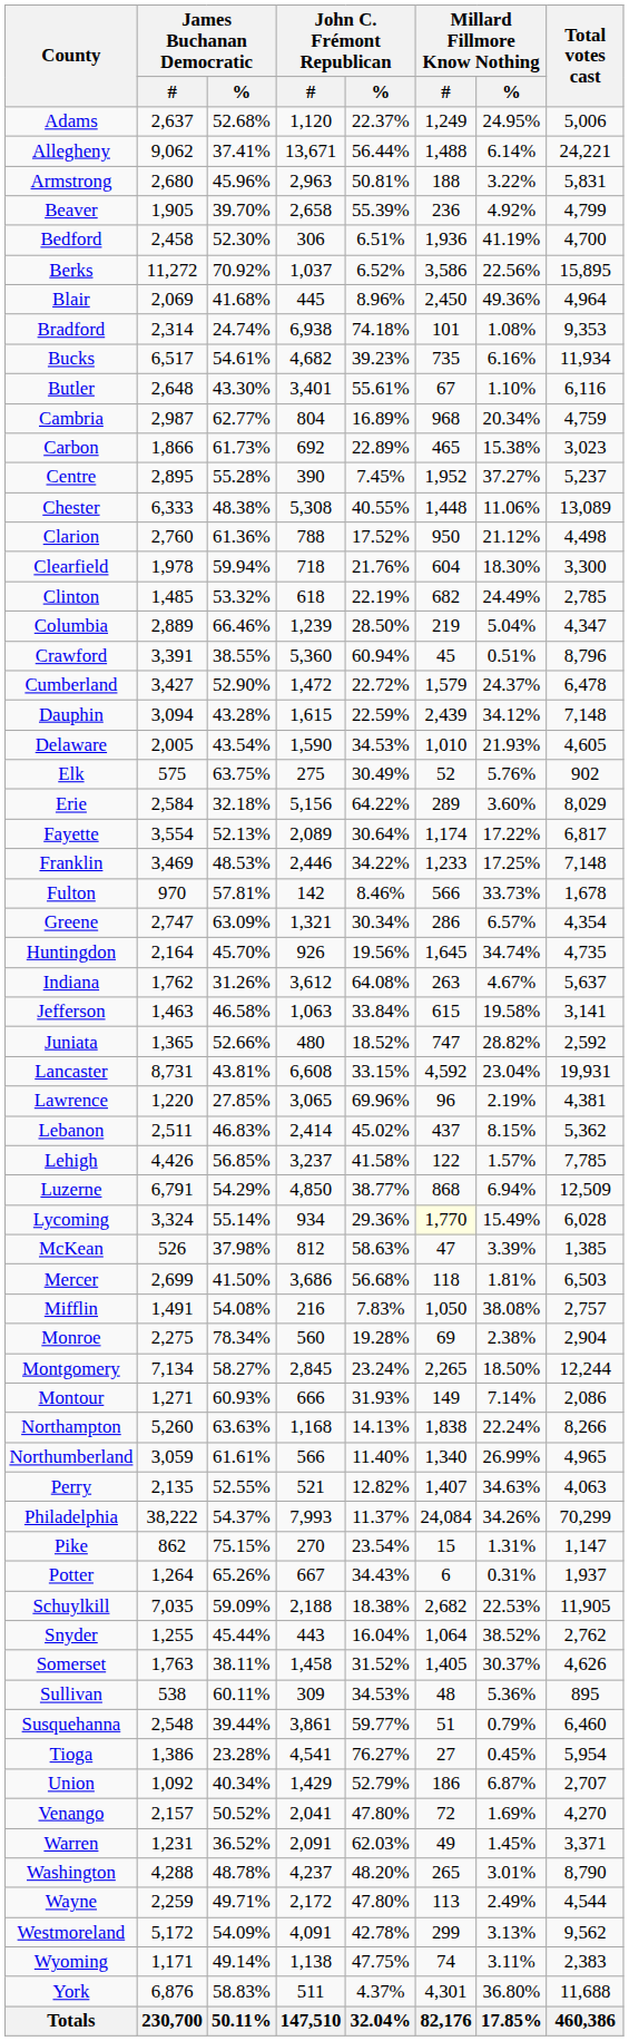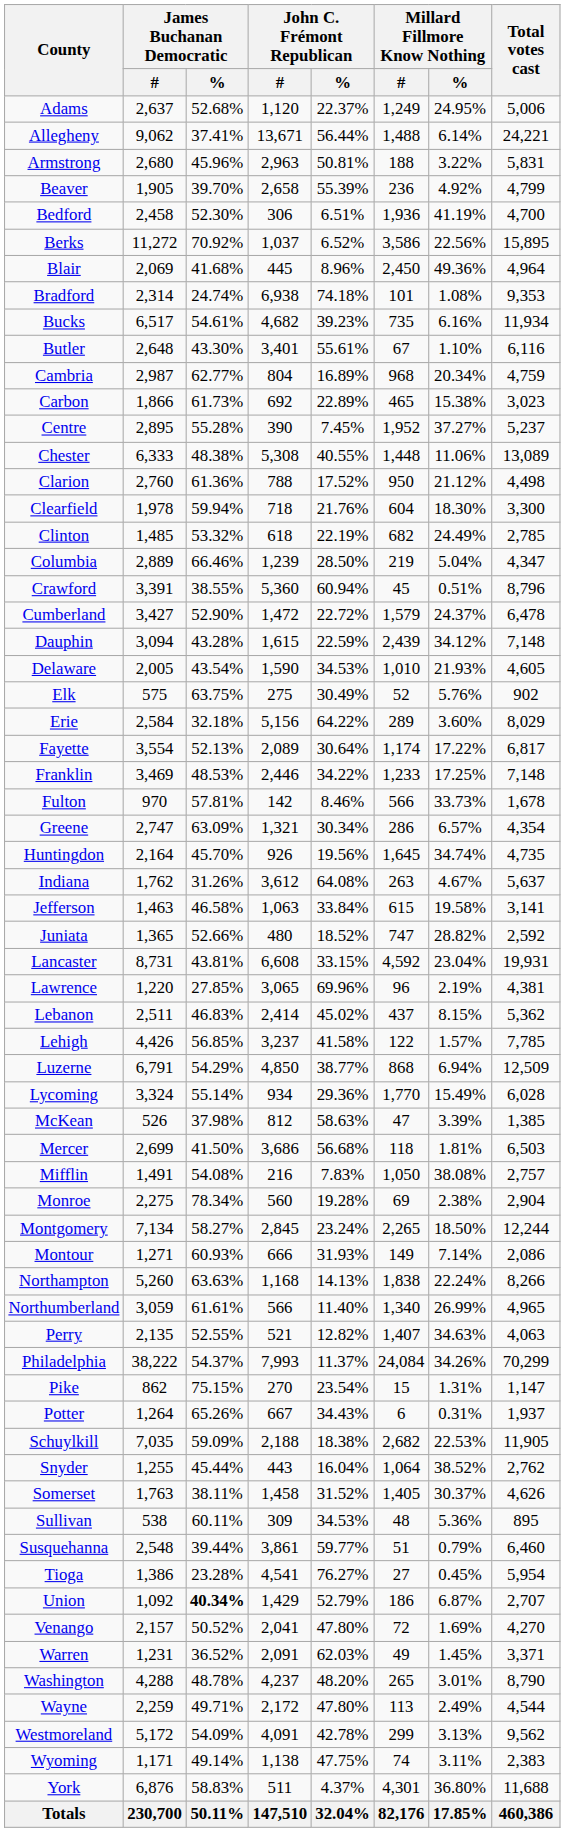 <table class="wikitable sortable" width="60%" style="text-align:center">
 <tr>
 <th rowspan="2">County</th>
 <th colspan="2" style="text-align:center;">James Buchanan<br>Democratic</th>
 <th colspan="2" style="text-align:center;">John C. Frémont<br>Republican</th>
 <th colspan="2" style="text-align:center;">Millard Fillmore<br>Know Nothing</th>
 <th rowspan="2" style="text-align:center;">Total votes cast</th>
 </tr>
 <tr>
 <th data-sort-type="number" style="text-align:center;">#</th>
 <th data-sort-type="number" style="text-align:center;">%</th>
 <th data-sort-type="number" style="text-align:center;">#</th>
 <th data-sort-type="number" style="text-align:center;">%</th>
 <th data-sort-type="number" style="text-align:center;">#</th>
 <th data-sort-type="number" style="text-align:center;">%</th>
 </tr>
 <tr style="text-align:center;">
 <td><a href='#'>Adams</a></td>
 <td>2,637</td>
 <td>52.68%</td>
 <td>1,120</td>
 <td>22.37%</td>
 <td>1,249</td>
 <td>24.95%</td>
 <td>5,006</td>
 </tr>
 <tr style="text-align:center;">
 <td><a href='#'>Allegheny</a></td>
 <td>9,062</td>
 <td>37.41%</td>
 <td>13,671</td>
 <td>56.44%</td>
 <td>1,488</td>
 <td>6.14%</td>
 <td>24,221</td>
 </tr>
 <tr style="text-align:center;">
 <td><a href='#'>Armstrong</a></td>
 <td>2,680</td>
 <td>45.96%</td>
 <td>2,963</td>
 <td>50.81%</td>
 <td>188</td>
 <td>3.22%</td>
 <td>5,831</td>
 </tr>
 <tr style="text-align:center;">
 <td><a href='#'>Beaver</a></td>
 <td>1,905</td>
 <td>39.70%</td>
 <td>2,658</td>
 <td>55.39%</td>
 <td>236</td>
 <td>4.92%</td>
 <td>4,799</td>
 </tr>
 <tr style="text-align:center;">
 <td><a href='#'>Bedford</a></td>
 <td>2,458</td>
 <td>52.30%</td>
 <td>306</td>
 <td>6.51%</td>
 <td>1,936</td>
 <td>41.19%</td>
 <td>4,700</td>
 </tr>
 <tr style="text-align:center;">
 <td><a href='#'>Berks</a></td>
 <td>11,272</td>
 <td>70.92%</td>
 <td>1,037</td>
 <td>6.52%</td>
 <td>3,586</td>
 <td>22.56%</td>
 <td>15,895</td>
 </tr>
 <tr style="text-align:center;">
 <td><a href='#'>Blair</a></td>
 <td>2,069</td>
 <td>41.68%</td>
 <td>445</td>
 <td>8.96%</td>
 <td>2,450</td>
 <td>49.36%</td>
 <td>4,964</td>
 </tr>
 <tr style="text-align:center;">
 <td><a href='#'>Bradford</a></td>
 <td>2,314</td>
 <td>24.74%</td>
 <td>6,938</td>
 <td>74.18%</td>
 <td>101</td>
 <td>1.08%</td>
 <td>9,353</td>
 </tr>
 <tr style="text-align:center;">
 <td><a href='#'>Bucks</a></td>
 <td>6,517</td>
 <td>54.61%</td>
 <td>4,682</td>
 <td>39.23%</td>
 <td>735</td>
 <td>6.16%</td>
 <td>11,934</td>
 </tr>
 <tr style="text-align:center;">
 <td><a href='#'>Butler</a></td>
 <td>2,648</td>
 <td>43.30%</td>
 <td>3,401</td>
 <td>55.61%</td>
 <td>67</td>
 <td>1.10%</td>
 <td>6,116</td>
 </tr>
 <tr style="text-align:center;">
 <td><a href='#'>Cambria</a></td>
 <td>2,987</td>
 <td>62.77%</td>
 <td>804</td>
 <td>16.89%</td>
 <td>968</td>
 <td>20.34%</td>
 <td>4,759</td>
 </tr>
 <tr style="text-align:center;">
 <td><a href='#'>Carbon</a></td>
 <td>1,866</td>
 <td>61.73%</td>
 <td>692</td>
 <td>22.89%</td>
 <td>465</td>
 <td>15.38%</td>
 <td>3,023</td>
 </tr>
 <tr style="text-align:center;">
 <td><a href='#'>Centre</a></td>
 <td>2,895</td>
 <td>55.28%</td>
 <td>390</td>
 <td>7.45%</td>
 <td>1,952</td>
 <td>37.27%</td>
 <td>5,237</td>
 </tr>
 <tr style="text-align:center;">
 <td><a href='#'>Chester</a></td>
 <td>6,333</td>
 <td>48.38%</td>
 <td>5,308</td>
 <td>40.55%</td>
 <td>1,448</td>
 <td>11.06%</td>
 <td>13,089</td>
 </tr>
 <tr style="text-align:center;">
 <td><a href='#'>Clarion</a></td>
 <td>2,760</td>
 <td>61.36%</td>
 <td>788</td>
 <td>17.52%</td>
 <td>950</td>
 <td>21.12%</td>
 <td>4,498</td>
 </tr>
 <tr style="text-align:center;">
 <td><a href='#'>Clearfield</a></td>
 <td>1,978</td>
 <td>59.94%</td>
 <td>718</td>
 <td>21.76%</td>
 <td>604</td>
 <td>18.30%</td>
 <td>3,300</td>
 </tr>
 <tr style="text-align:center;">
 <td><a href='#'>Clinton</a></td>
 <td>1,485</td>
 <td>53.32%</td>
 <td>618</td>
 <td>22.19%</td>
 <td>682</td>
 <td>24.49%</td>
 <td>2,785</td>
 </tr>
 <tr style="text-align:center;">
 <td><a href='#'>Columbia</a></td>
 <td>2,889</td>
 <td>66.46%</td>
 <td>1,239</td>
 <td>28.50%</td>
 <td>219</td>
 <td>5.04%</td>
 <td>4,347</td>
 </tr>
 <tr style="text-align:center;">
 <td><a href='#'>Crawford</a></td>
 <td>3,391</td>
 <td>38.55%</td>
 <td>5,360</td>
 <td>60.94%</td>
 <td>45</td>
 <td>0.51%</td>
 <td>8,796</td>
 </tr>
 <tr style="text-align:center;">
 <td><a href='#'>Cumberland</a></td>
 <td>3,427</td>
 <td>52.90%</td>
 <td>1,472</td>
 <td>22.72%</td>
 <td>1,579</td>
 <td>24.37%</td>
 <td>6,478</td>
 </tr>
 <tr style="text-align:center;">
 <td><a href='#'>Dauphin</a></td>
 <td>3,094</td>
 <td>43.28%</td>
 <td>1,615</td>
 <td>22.59%</td>
 <td>2,439</td>
 <td>34.12%</td>
 <td>7,148</td>
 </tr>
 <tr style="text-align:center;">
 <td><a href='#'>Delaware</a></td>
 <td>2,005</td>
 <td>43.54%</td>
 <td>1,590</td>
 <td>34.53%</td>
 <td>1,010</td>
 <td>21.93%</td>
 <td>4,605</td>
 </tr>
 <tr style="text-align:center;">
 <td><a href='#'>Elk</a></td>
 <td>575</td>
 <td>63.75%</td>
 <td>275</td>
 <td>30.49%</td>
 <td>52</td>
 <td>5.76%</td>
 <td>902</td>
 </tr>
 <tr style="text-align:center;">
 <td><a href='#'>Erie</a></td>
 <td>2,584</td>
 <td>32.18%</td>
 <td>5,156</td>
 <td>64.22%</td>
 <td>289</td>
 <td>3.60%</td>
 <td>8,029</td>
 </tr>
 <tr style="text-align:center;">
 <td><a href='#'>Fayette</a></td>
 <td>3,554</td>
 <td>52.13%</td>
 <td>2,089</td>
 <td>30.64%</td>
 <td>1,174</td>
 <td>17.22%</td>
 <td>6,817</td>
 </tr>
 <tr style="text-align:center;">
 <td><a href='#'>Franklin</a></td>
 <td>3,469</td>
 <td>48.53%</td>
 <td>2,446</td>
 <td>34.22%</td>
 <td>1,233</td>
 <td>17.25%</td>
 <td>7,148</td>
 </tr>
 <tr style="text-align:center;">
 <td><a href='#'>Fulton</a></td>
 <td>970</td>
 <td>57.81%</td>
 <td>142</td>
 <td>8.46%</td>
 <td>566</td>
 <td>33.73%</td>
 <td>1,678</td>
 </tr>
 <tr style="text-align:center;">
 <td><a href='#'>Greene</a></td>
 <td>2,747</td>
 <td>63.09%</td>
 <td>1,321</td>
 <td>30.34%</td>
 <td>286</td>
 <td>6.57%</td>
 <td>4,354</td>
 </tr>
 <tr style="text-align:center;">
 <td><a href='#'>Huntingdon</a></td>
 <td>2,164</td>
 <td>45.70%</td>
 <td>926</td>
 <td>19.56%</td>
 <td>1,645</td>
 <td>34.74%</td>
 <td>4,735</td>
 </tr>
 <tr style="text-align:center;">
 <td><a href='#'>Indiana</a></td>
 <td>1,762</td>
 <td>31.26%</td>
 <td>3,612</td>
 <td>64.08%</td>
 <td>263</td>
 <td>4.67%</td>
 <td>5,637</td>
 </tr>
 <tr style="text-align:center;">
 <td><a href='#'>Jefferson</a></td>
 <td>1,463</td>
 <td>46.58%</td>
 <td>1,063</td>
 <td>33.84%</td>
 <td>615</td>
 <td>19.58%</td>
 <td>3,141</td>
 </tr>
 <tr style="text-align:center;">
 <td><a href='#'>Juniata</a></td>
 <td>1,365</td>
 <td>52.66%</td>
 <td>480</td>
 <td>18.52%</td>
 <td>747</td>
 <td>28.82%</td>
 <td>2,592</td>
 </tr>
 <tr style="text-align:center;">
 <td><a href='#'>Lancaster</a></td>
 <td>8,731</td>
 <td>43.81%</td>
 <td>6,608</td>
 <td>33.15%</td>
 <td>4,592</td>
 <td>23.04%</td>
 <td>19,931</td>
 </tr>
 <tr style="text-align:center;">
 <td><a href='#'>Lawrence</a></td>
 <td>1,220</td>
 <td>27.85%</td>
 <td>3,065</td>
 <td>69.96%</td>
 <td>96</td>
 <td>2.19%</td>
 <td>4,381</td>
 </tr>
 <tr style="text-align:center;">
 <td><a href='#'>Lebanon</a></td>
 <td>2,511</td>
 <td>46.83%</td>
 <td>2,414</td>
 <td>45.02%</td>
 <td>437</td>
 <td>8.15%</td>
 <td>5,362</td>
 </tr>
 <tr style="text-align:center;">
 <td><a href='#'>Lehigh</a></td>
 <td>4,426</td>
 <td>56.85%</td>
 <td>3,237</td>
 <td>41.58%</td>
 <td>122</td>
 <td>1.57%</td>
 <td>7,785</td>
 </tr>
 <tr style="text-align:center;">
 <td><a href='#'>Luzerne</a></td>
 <td>6,791</td>
 <td>54.29%</td>
 <td>4,850</td>
 <td>38.77%</td>
 <td>868</td>
 <td>6.94%</td>
 <td>12,509</td>
 </tr>
 <tr style="text-align:center;">
 <td><a href='#'>Lycoming</a></td>
 <td>3,324</td>
 <td>55.14%</td>
 <td>934</td>
 <td>29.36%</td>
-<td style="background: lightyellow;">1,770</td>
+<td>1,770</td>
 <td>15.49%</td>
 <td>6,028</td>
 </tr>
 <tr style="text-align:center;">
 <td><a href='#'>McKean</a></td>
 <td>526</td>
 <td>37.98%</td>
 <td>812</td>
 <td>58.63%</td>
 <td>47</td>
 <td>3.39%</td>
 <td>1,385</td>
 </tr>
 <tr style="text-align:center;">
 <td><a href='#'>Mercer</a></td>
 <td>2,699</td>
 <td>41.50%</td>
 <td>3,686</td>
 <td>56.68%</td>
 <td>118</td>
 <td>1.81%</td>
 <td>6,503</td>
 </tr>
 <tr style="text-align:center;">
 <td><a href='#'>Mifflin</a></td>
 <td>1,491</td>
 <td>54.08%</td>
 <td>216</td>
 <td>7.83%</td>
 <td>1,050</td>
 <td>38.08%</td>
 <td>2,757</td>
 </tr>
 <tr style="text-align:center;">
 <td><a href='#'>Monroe</a></td>
 <td>2,275</td>
 <td>78.34%</td>
 <td>560</td>
 <td>19.28%</td>
 <td>69</td>
 <td>2.38%</td>
 <td>2,904</td>
 </tr>
 <tr style="text-align:center;">
 <td><a href='#'>Montgomery</a></td>
 <td>7,134</td>
 <td>58.27%</td>
 <td>2,845</td>
 <td>23.24%</td>
 <td>2,265</td>
 <td>18.50%</td>
 <td>12,244</td>
 </tr>
 <tr style="text-align:center;">
 <td><a href='#'>Montour</a></td>
 <td>1,271</td>
 <td>60.93%</td>
 <td>666</td>
 <td>31.93%</td>
 <td>149</td>
 <td>7.14%</td>
 <td>2,086</td>
 </tr>
 <tr style="text-align:center;">
 <td><a href='#'>Northampton</a></td>
 <td>5,260</td>
 <td>63.63%</td>
 <td>1,168</td>
 <td>14.13%</td>
 <td>1,838</td>
 <td>22.24%</td>
 <td>8,266</td>
 </tr>
 <tr style="text-align:center;">
 <td><a href='#'>Northumberland</a></td>
 <td>3,059</td>
 <td>61.61%</td>
 <td>566</td>
 <td>11.40%</td>
 <td>1,340</td>
 <td>26.99%</td>
 <td>4,965</td>
 </tr>
 <tr style="text-align:center;">
 <td><a href='#'>Perry</a></td>
 <td>2,135</td>
 <td>52.55%</td>
 <td>521</td>
 <td>12.82%</td>
 <td>1,407</td>
 <td>34.63%</td>
 <td>4,063</td>
 </tr>
 <tr style="text-align:center;">
 <td><a href='#'>Philadelphia</a></td>
 <td>38,222</td>
 <td>54.37%</td>
 <td>7,993</td>
 <td>11.37%</td>
 <td>24,084</td>
 <td>34.26%</td>
 <td>70,299</td>
 </tr>
 <tr style="text-align:center;">
 <td><a href='#'>Pike</a></td>
 <td>862</td>
 <td>75.15%</td>
 <td>270</td>
 <td>23.54%</td>
 <td>15</td>
 <td>1.31%</td>
 <td>1,147</td>
 </tr>
 <tr style="text-align:center;">
 <td><a href='#'>Potter</a></td>
 <td>1,264</td>
 <td>65.26%</td>
 <td>667</td>
 <td>34.43%</td>
 <td>6</td>
 <td>0.31%</td>
 <td>1,937</td>
 </tr>
 <tr style="text-align:center;">
 <td><a href='#'>Schuylkill</a></td>
 <td>7,035</td>
 <td>59.09%</td>
 <td>2,188</td>
 <td>18.38%</td>
 <td>2,682</td>
 <td>22.53%</td>
 <td>11,905</td>
 </tr>
 <tr style="text-align:center;">
 <td><a href='#'>Snyder</a></td>
 <td>1,255</td>
 <td>45.44%</td>
 <td>443</td>
 <td>16.04%</td>
 <td>1,064</td>
 <td>38.52%</td>
 <td>2,762</td>
 </tr>
 <tr style="text-align:center;">
 <td><a href='#'>Somerset</a></td>
 <td>1,763</td>
 <td>38.11%</td>
 <td>1,458</td>
 <td>31.52%</td>
 <td>1,405</td>
 <td>30.37%</td>
 <td>4,626</td>
 </tr>
 <tr style="text-align:center;">
 <td><a href='#'>Sullivan</a></td>
 <td>538</td>
 <td>60.11%</td>
 <td>309</td>
 <td>34.53%</td>
 <td>48</td>
 <td>5.36%</td>
 <td>895</td>
 </tr>
 <tr style="text-align:center;">
 <td><a href='#'>Susquehanna</a></td>
 <td>2,548</td>
 <td>39.44%</td>
 <td>3,861</td>
 <td>59.77%</td>
 <td>51</td>
 <td>0.79%</td>
 <td>6,460</td>
 </tr>
 <tr style="text-align:center;">
 <td><a href='#'>Tioga</a></td>
 <td>1,386</td>
 <td>23.28%</td>
 <td>4,541</td>
 <td>76.27%</td>
 <td>27</td>
 <td>0.45%</td>
 <td>5,954</td>
 </tr>
 <tr style="text-align:center;">
 <td><a href='#'>Union</a></td>
 <td>1,092</td>
-<td>40.34%</td>
+<td><strong>40.34%</strong></td>
 <td>1,429</td>
 <td>52.79%</td>
 <td>186</td>
 <td>6.87%</td>
 <td>2,707</td>
 </tr>
 <tr style="text-align:center;">
 <td><a href='#'>Venango</a></td>
 <td>2,157</td>
 <td>50.52%</td>
 <td>2,041</td>
 <td>47.80%</td>
 <td>72</td>
 <td>1.69%</td>
 <td>4,270</td>
 </tr>
 <tr style="text-align:center;">
 <td><a href='#'>Warren</a></td>
 <td>1,231</td>
 <td>36.52%</td>
 <td>2,091</td>
 <td>62.03%</td>
 <td>49</td>
 <td>1.45%</td>
 <td>3,371</td>
 </tr>
 <tr style="text-align:center;">
 <td><a href='#'>Washington</a></td>
 <td>4,288</td>
 <td>48.78%</td>
 <td>4,237</td>
 <td>48.20%</td>
 <td>265</td>
 <td>3.01%</td>
 <td>8,790</td>
 </tr>
 <tr style="text-align:center;">
 <td><a href='#'>Wayne</a></td>
 <td>2,259</td>
 <td>49.71%</td>
 <td>2,172</td>
 <td>47.80%</td>
 <td>113</td>
 <td>2.49%</td>
 <td>4,544</td>
 </tr>
 <tr style="text-align:center;">
 <td><a href='#'>Westmoreland</a></td>
 <td>5,172</td>
 <td>54.09%</td>
 <td>4,091</td>
 <td>42.78%</td>
 <td>299</td>
 <td>3.13%</td>
 <td>9,562</td>
 </tr>
 <tr style="text-align:center;">
 <td><a href='#'>Wyoming</a></td>
 <td>1,171</td>
 <td>49.14%</td>
 <td>1,138</td>
 <td>47.75%</td>
 <td>74</td>
 <td>3.11%</td>
 <td>2,383</td>
 </tr>
 <tr style="text-align:center;">
 <td><a href='#'>York</a></td>
 <td>6,876</td>
 <td>58.83%</td>
 <td>511</td>
 <td>4.37%</td>
 <td>4,301</td>
 <td>36.80%</td>
 <td>11,688</td>
 </tr>
 <tr style="text-align:center;">
 <th>Totals</th>
 <th>230,700</th>
 <th>50.11%</th>
 <th>147,510</th>
 <th>32.04%</th>
 <th>82,176</th>
 <th>17.85%</th>
 <th>460,386</th>
 </tr>
 </table>
